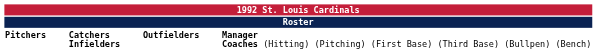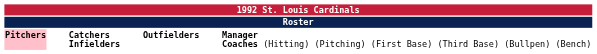 <table class="toccolours" style="font-size: 95%;">
 <tr>
 <th colspan="10" style="background-color: #c41e3a; color: white; text-align: center;">1992 St. Louis Cardinals</th>
 </tr>
 <tr>
 <td colspan="10" style="background-color: #0a2252; color: white; text-align: center;"><strong>Roster</strong></td>
 </tr>
 <tr>
-<td valign="top"><strong>Pitchers</strong><br>              </td>
+<td valign="top" style="background: pink;"><strong>Pitchers</strong><br>              </td>
 <td width="25px"></td>
 <td valign="top"><strong>Catchers</strong><br>  <strong>Infielders</strong>               </td>
 <td width="25px"></td>
 <td valign="top"><strong>Outfielders</strong><br>      </td>
 <td width="25px"></td>
 <td valign="top"><strong>Manager</strong><br> <strong>Coaches</strong>  (Hitting)  (Pitching)  (First Base)  (Third Base)  (Bullpen)  (Bench)</td>
 </tr>
 </table>
